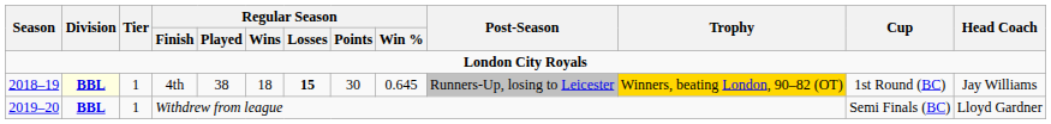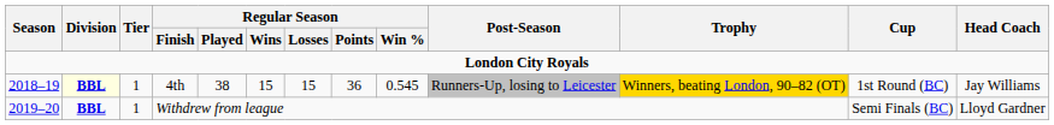 <table class="wikitable" style="font-size:100%;">
 <tr bgcolor="#efefef">
 <th rowspan="2">Season</th>
 <th rowspan="2">Division</th>
 <th rowspan="2">Tier</th>
 <th colspan="6">Regular Season</th>
 <th rowspan="2">Post-Season</th>
 <th rowspan="2">Trophy</th>
 <th rowspan="2">Cup</th>
 <th rowspan="2">Head Coach</th>
 </tr>
 <tr>
 <th>Finish</th>
 <th>Played</th>
 <th>Wins</th>
 <th>Losses</th>
 <th>Points</th>
 <th>Win %</th>
 </tr>
 <tr>
 <td colspan="13" align="center"><strong>London City Royals</strong></td>
 </tr>
 <tr>
 <td style="text-align:center;"><a href='#'>2018–19</a></td>
 <td style="background: lightyellow; text-align:center;"><strong><a href='#'>BBL</a></strong></td>
 <td style="text-align:center;">1</td>
 <td style="text-align:center;">4th</td>
 <td style="text-align:center;">38</td>
-<td style="text-align:center;">18</td>
-<td style="text-align:center;"><strong>15</strong></td>
-<td style="text-align:center;">30</td>
-<td style="text-align:center;">0.645</td>
+<td style="text-align:center;">15</td>
+<td style="text-align:center;">15</td>
+<td style="text-align:center;">36</td>
+<td style="text-align:center;">0.545</td>
 <td style="text-align:center;" bgcolor=silver>Runners-Up, losing to <a href='#'>Leicester</a></td>
 <td style="text-align:center;" bgcolor=gold>Winners, beating <a href='#'>London</a>, 90–82 (OT)</td>
 <td style="text-align:center;">1st Round (<a href='#'>BC</a>)</td>
 <td style="text-align:center;">Jay Williams</td>
 </tr>
 <tr>
 <td style="text-align:center;"><a href='#'>2019–20</a></td>
 <td style="text-align:center;"><strong><a href='#'>BBL</a></strong></td>
 <td style="text-align:center;">1</td>
 <td colspan=8><em>Withdrew from league</em></td>
 <td style="text-align:center;">Semi Finals (<a href='#'>BC</a>)</td>
 <td style="text-align:center;">Lloyd Gardner</td>
 </tr>
 </table>
